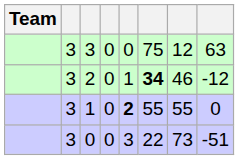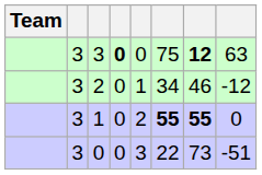 <table class="wikitable" style="text-align: center;">
 <tr>
 <th>Team</th>
 <th></th>
 <th></th>
 <th></th>
 <th></th>
 <th></th>
 <th></th>
 <th></th>
 </tr>
 <tr bgcolor="ccffcc">
 <td align="left"></td>
 <td>3</td>
 <td>3</td>
-<td>0</td>
+<td><strong>0</strong></td>
 <td>0</td>
 <td>75</td>
-<td>12</td>
+<td><strong>12</strong></td>
 <td>63</td>
 </tr>
 <tr bgcolor="ccffcc">
 <td align="left"></td>
 <td>3</td>
 <td>2</td>
 <td>0</td>
 <td>1</td>
-<td><strong>34</strong></td>
+<td>34</td>
 <td>46</td>
 <td>-12</td>
 </tr>
 <tr bgcolor="ccccff">
 <td align="left"></td>
 <td>3</td>
 <td>1</td>
 <td>0</td>
-<td><strong>2</strong></td>
-<td>55</td>
-<td>55</td>
+<td>2</td>
+<td><strong>55</strong></td>
+<td><strong>55</strong></td>
 <td>0</td>
 </tr>
 <tr bgcolor="ccccff">
 <td align="left"></td>
 <td>3</td>
 <td>0</td>
 <td>0</td>
 <td>3</td>
 <td>22</td>
 <td>73</td>
 <td>-51</td>
 </tr>
 </table>
